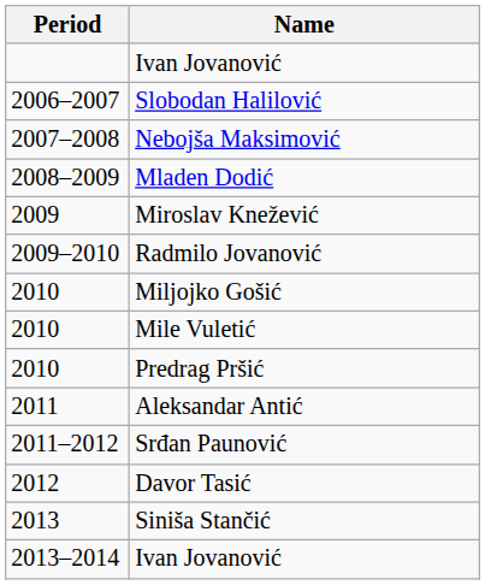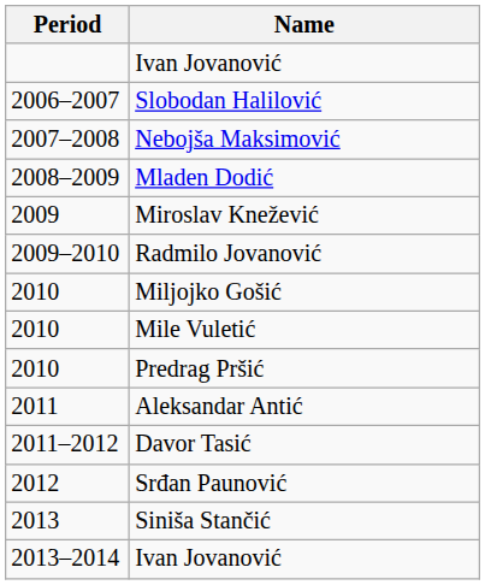 <table class="wikitable">
 <tr>
 <th width="75">Period</th>
 <th width="225">Name</th>
 </tr>
 <tr>
 <td></td>
 <td> Ivan Jovanović</td>
 </tr>
 <tr>
 <td>2006–2007</td>
 <td> <a href='#'>Slobodan Halilović</a></td>
 </tr>
 <tr>
 <td>2007–2008</td>
 <td> <a href='#'>Nebojša Maksimović</a></td>
 </tr>
 <tr>
 <td>2008–2009</td>
 <td> <a href='#'>Mladen Dodić</a></td>
 </tr>
 <tr>
 <td>2009</td>
 <td> Miroslav Knežević</td>
 </tr>
 <tr>
 <td>2009–2010</td>
 <td> Radmilo Jovanović</td>
 </tr>
 <tr>
 <td>2010</td>
 <td> Miljojko Gošić</td>
 </tr>
 <tr>
 <td>2010</td>
 <td> Mile Vuletić</td>
 </tr>
 <tr>
 <td>2010</td>
 <td> Predrag Pršić</td>
 </tr>
 <tr>
 <td>2011</td>
 <td> Aleksandar Antić</td>
 </tr>
 <tr>
 <td>2011–2012</td>
-<td> Srđan Paunović</td>
+<td> Davor Tasić</td>
 </tr>
 <tr>
 <td>2012</td>
-<td> Davor Tasić</td>
+<td> Srđan Paunović</td>
 </tr>
 <tr>
 <td>2013</td>
 <td> Siniša Stančić</td>
 </tr>
 <tr>
 <td>2013–2014</td>
 <td> Ivan Jovanović</td>
 </tr>
 </table>
